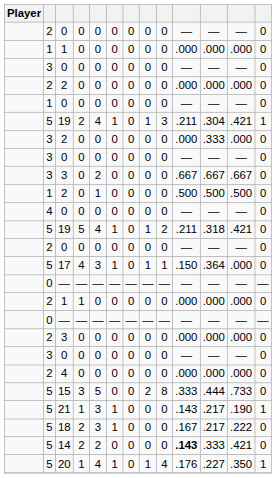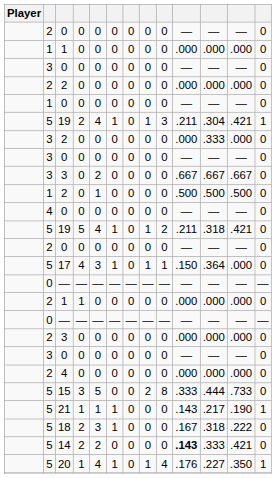 <table class="wikitable sortable" style="text-align:center;">
 <tr>
 <th>Player</th>
 <th></th>
 <th></th>
 <th></th>
 <th></th>
 <th></th>
 <th></th>
 <th></th>
 <th></th>
 <th></th>
 <th></th>
 <th></th>
 <th></th>
 </tr>
 <tr>
 <td align=left></td>
 <td>2</td>
 <td>0</td>
 <td>0</td>
 <td>0</td>
 <td>0</td>
 <td>0</td>
 <td>0</td>
 <td>0</td>
 <td>—</td>
 <td>—</td>
 <td>—</td>
 <td>0</td>
 </tr>
 <tr>
 <td align=left></td>
 <td>1</td>
 <td>1</td>
 <td>0</td>
 <td>0</td>
 <td>0</td>
 <td>0</td>
 <td>0</td>
 <td>0</td>
 <td>.000</td>
 <td>.000</td>
 <td>.000</td>
 <td>0</td>
 </tr>
 <tr>
 <td align=left></td>
 <td>3</td>
 <td>0</td>
 <td>0</td>
 <td>0</td>
 <td>0</td>
 <td>0</td>
 <td>0</td>
 <td>0</td>
 <td>—</td>
 <td>—</td>
 <td>—</td>
 <td>0</td>
 </tr>
 <tr>
 <td align=left></td>
 <td>2</td>
 <td>2</td>
 <td>0</td>
 <td>0</td>
 <td>0</td>
 <td>0</td>
 <td>0</td>
 <td>0</td>
 <td>.000</td>
 <td>.000</td>
 <td>.000</td>
 <td>0</td>
 </tr>
 <tr>
 <td align=left></td>
 <td>1</td>
 <td>0</td>
 <td>0</td>
 <td>0</td>
 <td>0</td>
 <td>0</td>
 <td>0</td>
 <td>0</td>
 <td>—</td>
 <td>—</td>
 <td>—</td>
 <td>0</td>
 </tr>
 <tr>
 <td align=left></td>
 <td>5</td>
 <td>19</td>
 <td>2</td>
 <td>4</td>
 <td>1</td>
 <td>0</td>
 <td>1</td>
 <td>3</td>
 <td>.211</td>
 <td>.304</td>
 <td>.421</td>
 <td>1</td>
 </tr>
 <tr>
 <td align=left></td>
 <td>3</td>
 <td>2</td>
 <td>0</td>
 <td>0</td>
 <td>0</td>
 <td>0</td>
 <td>0</td>
 <td>0</td>
 <td>.000</td>
 <td>.333</td>
 <td>.000</td>
 <td>0</td>
 </tr>
 <tr>
 <td align=left></td>
 <td>3</td>
 <td>0</td>
 <td>0</td>
 <td>0</td>
 <td>0</td>
 <td>0</td>
 <td>0</td>
 <td>0</td>
 <td>—</td>
 <td>—</td>
 <td>—</td>
 <td>0</td>
 </tr>
 <tr>
 <td align=left></td>
 <td>3</td>
 <td>3</td>
 <td>0</td>
 <td>2</td>
 <td>0</td>
 <td>0</td>
 <td>0</td>
 <td>0</td>
 <td>.667</td>
 <td>.667</td>
 <td>.667</td>
 <td>0</td>
 </tr>
 <tr>
 <td align=left></td>
 <td>1</td>
 <td>2</td>
 <td>0</td>
 <td>1</td>
 <td>0</td>
 <td>0</td>
 <td>0</td>
 <td>0</td>
 <td>.500</td>
 <td>.500</td>
 <td>.500</td>
 <td>0</td>
 </tr>
 <tr>
 <td align=left></td>
 <td>4</td>
 <td>0</td>
 <td>0</td>
 <td>0</td>
 <td>0</td>
 <td>0</td>
 <td>0</td>
 <td>0</td>
 <td>—</td>
 <td>—</td>
 <td>—</td>
 <td>0</td>
 </tr>
 <tr>
 <td align=left></td>
 <td>5</td>
 <td>19</td>
 <td>5</td>
 <td>4</td>
 <td>1</td>
 <td>0</td>
 <td>1</td>
 <td>2</td>
 <td>.211</td>
 <td>.318</td>
 <td>.421</td>
 <td>0</td>
 </tr>
 <tr>
 <td align=left></td>
 <td>2</td>
 <td>0</td>
 <td>0</td>
 <td>0</td>
 <td>0</td>
 <td>0</td>
 <td>0</td>
 <td>0</td>
 <td>—</td>
 <td>—</td>
 <td>—</td>
 <td>0</td>
 </tr>
 <tr>
 <td align=left></td>
 <td>5</td>
 <td>17</td>
 <td>4</td>
 <td>3</td>
 <td>1</td>
 <td>0</td>
 <td>1</td>
 <td>1</td>
 <td>.150</td>
 <td>.364</td>
 <td>.000</td>
 <td>0</td>
 </tr>
 <tr>
 <td align=left></td>
 <td>0</td>
 <td>—</td>
 <td>—</td>
 <td>—</td>
 <td>—</td>
 <td>—</td>
 <td>—</td>
 <td>—</td>
 <td>—</td>
 <td>—</td>
 <td>—</td>
 <td>—</td>
 </tr>
 <tr>
 <td align=left></td>
 <td>2</td>
 <td>1</td>
 <td>1</td>
 <td>0</td>
 <td>0</td>
 <td>0</td>
 <td>0</td>
 <td>0</td>
 <td>.000</td>
 <td>.000</td>
 <td>.000</td>
 <td>0</td>
 </tr>
 <tr>
 <td align=left></td>
 <td>0</td>
 <td>—</td>
 <td>—</td>
 <td>—</td>
 <td>—</td>
 <td>—</td>
 <td>—</td>
 <td>—</td>
 <td>—</td>
 <td>—</td>
 <td>—</td>
 <td>—</td>
 </tr>
 <tr>
 <td align=left></td>
 <td>2</td>
 <td>3</td>
 <td>0</td>
 <td>0</td>
 <td>0</td>
 <td>0</td>
 <td>0</td>
 <td>0</td>
 <td>.000</td>
 <td>.000</td>
 <td>.000</td>
 <td>0</td>
 </tr>
 <tr>
 <td align=left></td>
 <td>3</td>
 <td>0</td>
 <td>0</td>
 <td>0</td>
 <td>0</td>
 <td>0</td>
 <td>0</td>
 <td>0</td>
 <td>—</td>
 <td>—</td>
 <td>—</td>
 <td>0</td>
 </tr>
 <tr>
 <td align=left></td>
 <td>2</td>
 <td>4</td>
 <td>0</td>
 <td>0</td>
 <td>0</td>
 <td>0</td>
 <td>0</td>
 <td>0</td>
 <td>.000</td>
 <td>.000</td>
 <td>.000</td>
 <td>0</td>
 </tr>
 <tr>
 <td align=left></td>
 <td>5</td>
 <td>15</td>
 <td>3</td>
 <td>5</td>
 <td>0</td>
 <td>0</td>
 <td>2</td>
 <td>8</td>
 <td>.333</td>
 <td>.444</td>
 <td>.733</td>
 <td>0</td>
 </tr>
 <tr>
 <td align=left></td>
 <td>5</td>
 <td>21</td>
 <td>1</td>
-<td>3</td>
+<td>1</td>
 <td>1</td>
 <td>0</td>
 <td>0</td>
 <td>0</td>
 <td>.143</td>
 <td>.217</td>
 <td>.190</td>
 <td>1</td>
 </tr>
 <tr>
 <td align=left></td>
 <td>5</td>
 <td>18</td>
 <td>2</td>
 <td>3</td>
 <td>1</td>
 <td>0</td>
 <td>0</td>
 <td>0</td>
 <td>.167</td>
-<td>.217</td>
+<td>.318</td>
 <td>.222</td>
 <td>0</td>
 </tr>
 <tr>
 <td align=left></td>
 <td>5</td>
 <td>14</td>
 <td>2</td>
 <td>2</td>
 <td>0</td>
 <td>0</td>
 <td>0</td>
 <td>0</td>
 <td><strong>.143</strong></td>
 <td>.333</td>
 <td>.421</td>
 <td>0</td>
 </tr>
 <tr>
 <td align=left></td>
 <td>5</td>
 <td>20</td>
 <td>1</td>
 <td>4</td>
 <td>1</td>
 <td>0</td>
 <td>1</td>
 <td>4</td>
 <td>.176</td>
 <td>.227</td>
 <td>.350</td>
 <td>1</td>
 </tr>
 <tr>
 </tr>
 <tr class="sortbottom|}">
 </tr>
 </table>
